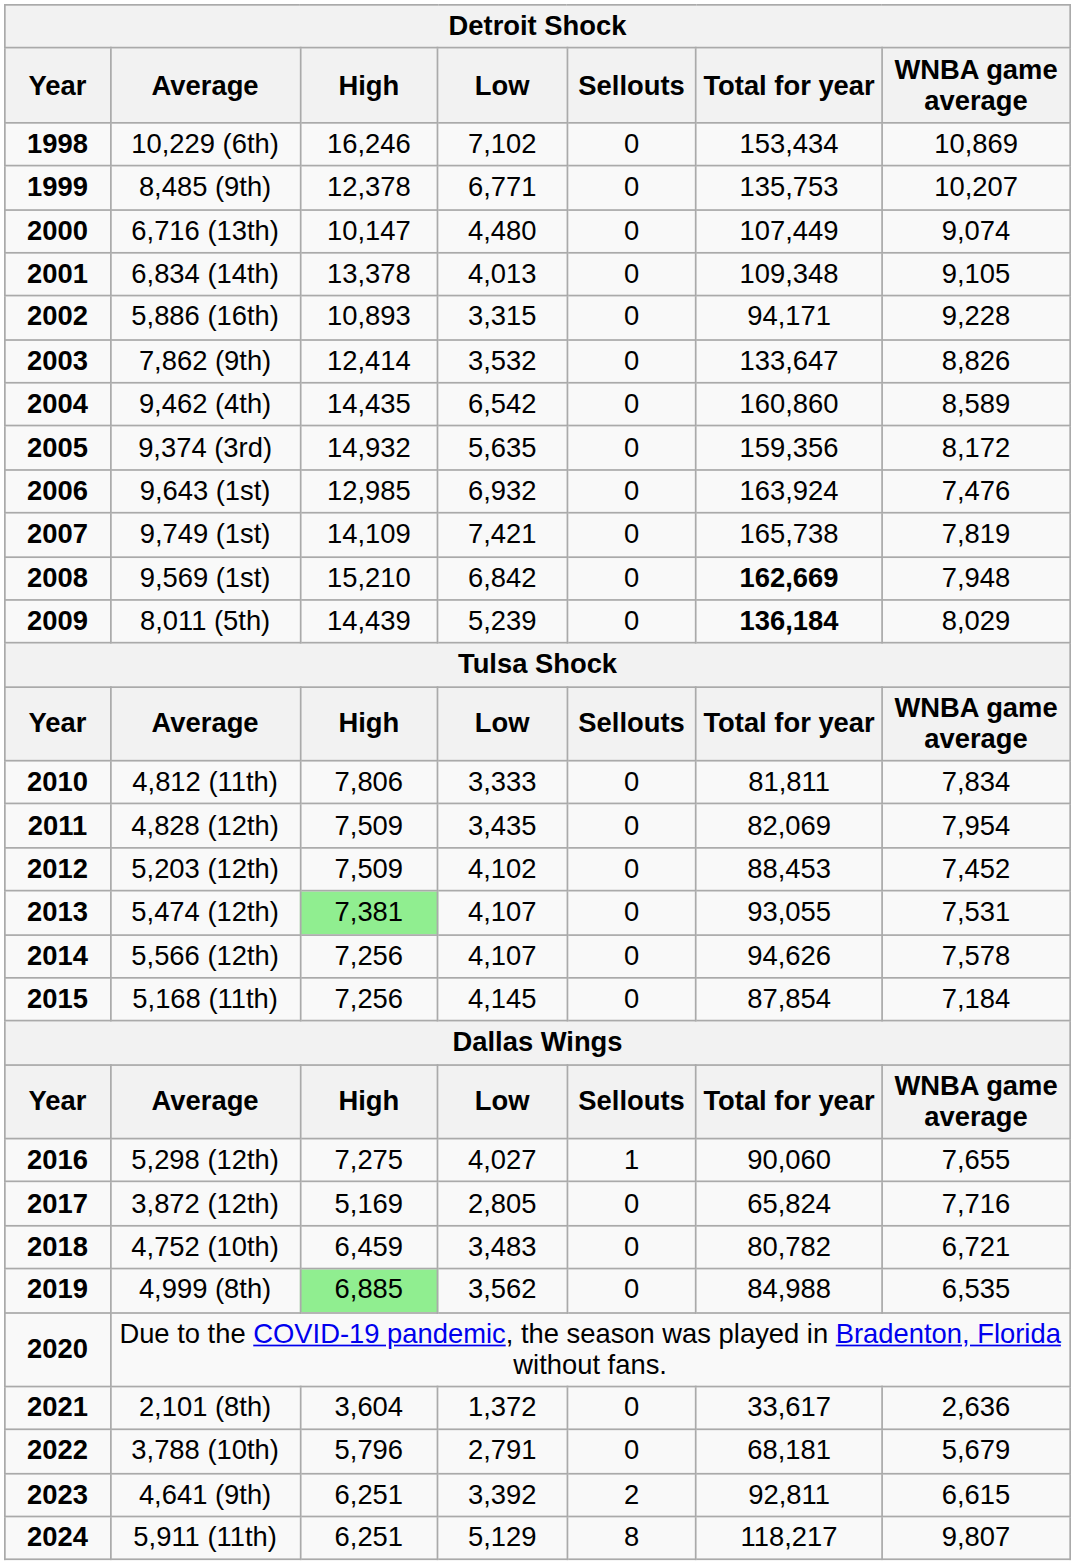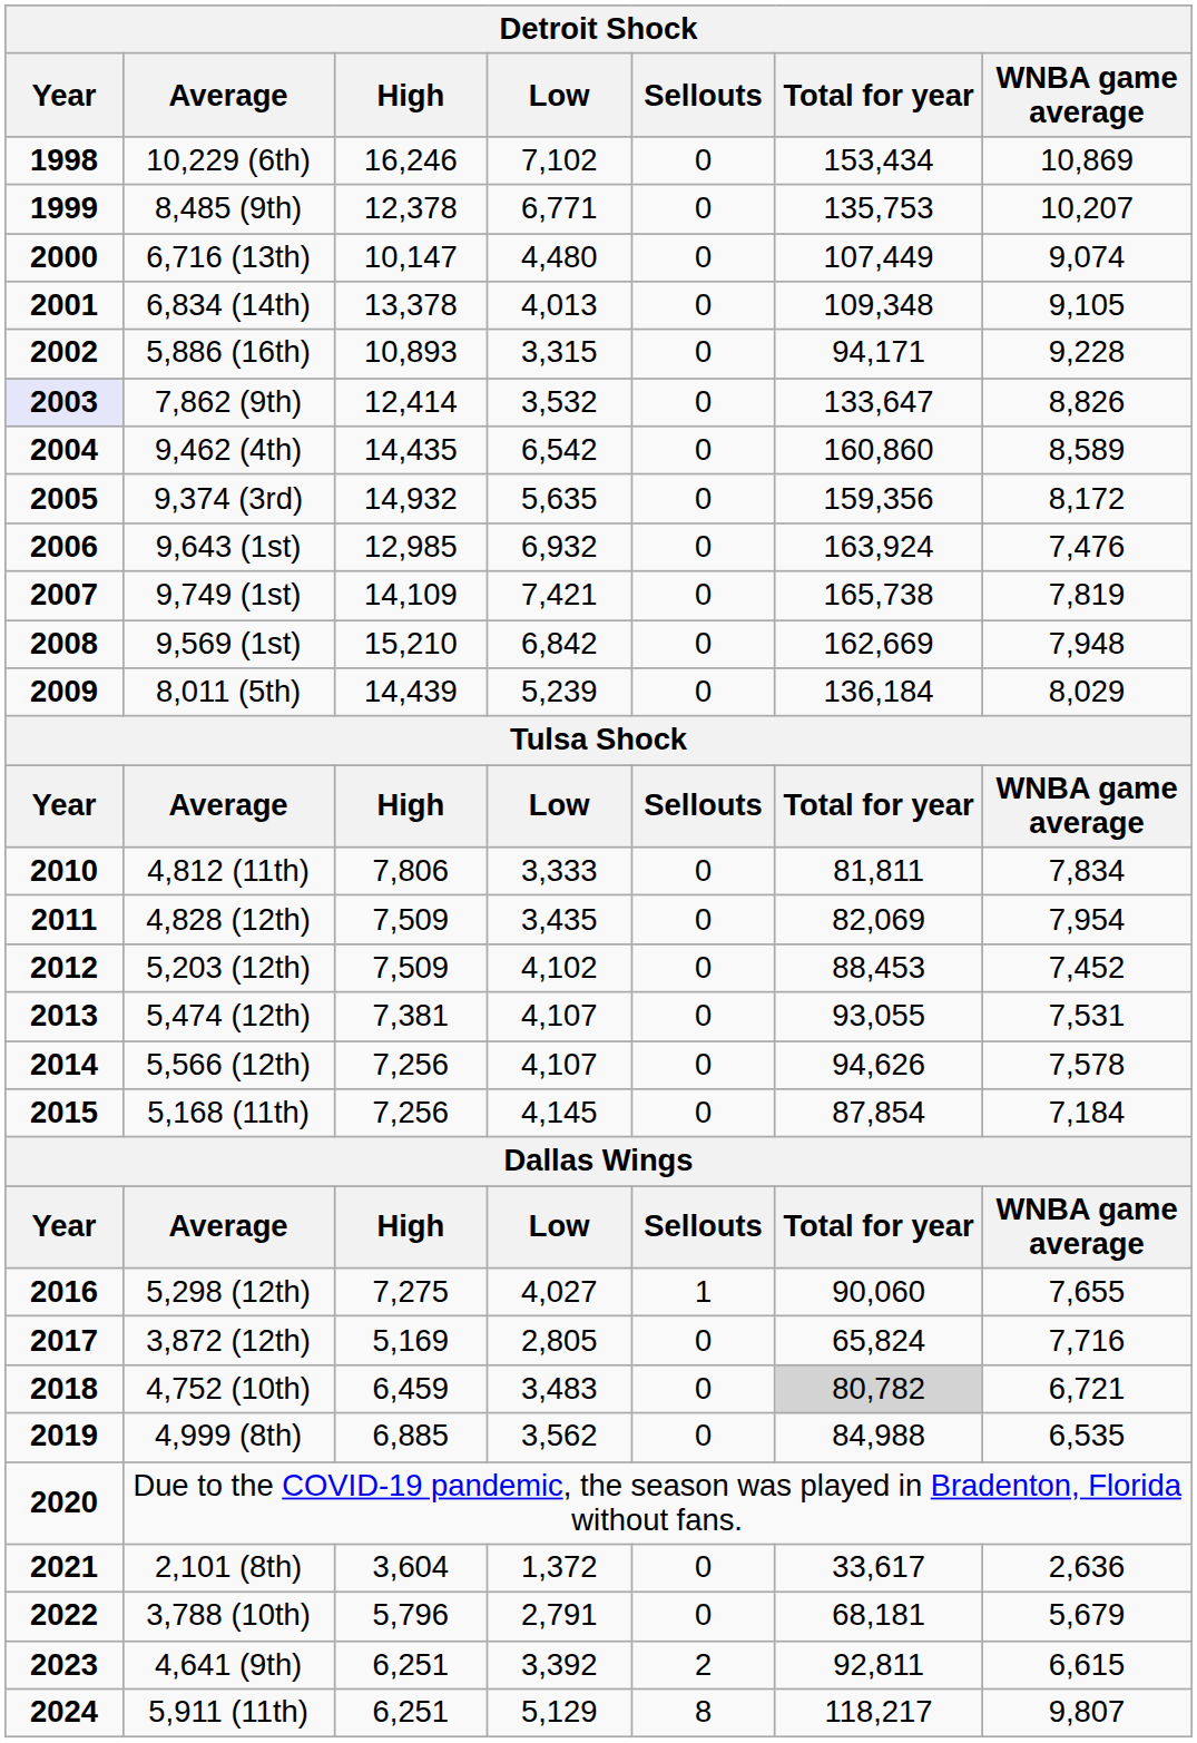 <table class="wikitable" style="text-align:center; margin:0.5em auto;">
 <tr>
 <th colspan=8>Detroit Shock</th>
 </tr>
 <tr>
 <th width=75>Year</th>
 <th width=150>Average</th>
 <th width=100>High</th>
 <th width=100>Low</th>
 <th width=75>Sellouts</th>
 <th width=150>Total for year</th>
 <th width=150>WNBA game average</th>
 </tr>
 <tr>
 <td><strong>1998</strong></td>
 <td>10,229 (6th)</td>
 <td>16,246</td>
 <td>7,102</td>
 <td>0</td>
 <td>153,434</td>
 <td>10,869</td>
 </tr>
 <tr>
 <td><strong>1999</strong></td>
 <td>8,485 (9th)</td>
 <td>12,378</td>
 <td>6,771</td>
 <td>0</td>
 <td>135,753</td>
 <td>10,207</td>
 </tr>
 <tr>
 <td><strong>2000</strong></td>
 <td>6,716 (13th)</td>
 <td>10,147</td>
 <td>4,480</td>
 <td>0</td>
 <td>107,449</td>
 <td>9,074</td>
 </tr>
 <tr>
 <td><strong>2001</strong></td>
 <td>6,834 (14th)</td>
 <td>13,378</td>
 <td>4,013</td>
 <td>0</td>
 <td>109,348</td>
 <td>9,105</td>
 </tr>
 <tr>
 <td><strong>2002</strong></td>
 <td>5,886 (16th)</td>
 <td>10,893</td>
 <td>3,315</td>
 <td>0</td>
 <td>94,171</td>
 <td>9,228</td>
 </tr>
 <tr>
-<td><strong>2003</strong></td>
+<td style="background: lavender;"><strong>2003</strong></td>
 <td>7,862 (9th)</td>
 <td>12,414</td>
 <td>3,532</td>
 <td>0</td>
 <td>133,647</td>
 <td>8,826</td>
 </tr>
 <tr>
 <td><strong>2004</strong></td>
 <td>9,462 (4th)</td>
 <td>14,435</td>
 <td>6,542</td>
 <td>0</td>
 <td>160,860</td>
 <td>8,589</td>
 </tr>
 <tr>
 <td><strong>2005</strong></td>
 <td>9,374 (3rd)</td>
 <td>14,932</td>
 <td>5,635</td>
 <td>0</td>
 <td>159,356</td>
 <td>8,172</td>
 </tr>
 <tr>
 <td><strong>2006</strong></td>
 <td>9,643 (1st)</td>
 <td>12,985</td>
 <td>6,932</td>
 <td>0</td>
 <td>163,924</td>
 <td>7,476</td>
 </tr>
 <tr>
 <td><strong>2007</strong></td>
 <td>9,749 (1st)</td>
 <td>14,109</td>
 <td>7,421</td>
 <td>0</td>
 <td>165,738</td>
 <td>7,819</td>
 </tr>
 <tr>
 <td><strong>2008</strong></td>
 <td>9,569 (1st)</td>
 <td>15,210</td>
 <td>6,842</td>
 <td>0</td>
-<td><strong>162,669</strong></td>
+<td>162,669</td>
 <td>7,948</td>
 </tr>
 <tr>
 <td><strong>2009</strong></td>
 <td>8,011 (5th)</td>
 <td>14,439</td>
 <td>5,239</td>
 <td>0</td>
-<td><strong>136,184</strong></td>
+<td>136,184</td>
 <td>8,029</td>
 </tr>
 <tr>
 <th colspan=8>Tulsa Shock</th>
 </tr>
 <tr>
 <th width=75>Year</th>
 <th width=150>Average</th>
 <th width=100>High</th>
 <th width=100>Low</th>
 <th width=75>Sellouts</th>
 <th width=150>Total for year</th>
 <th width=150>WNBA game average</th>
 </tr>
 <tr>
 <td><strong>2010</strong></td>
 <td>4,812 (11th)</td>
 <td>7,806</td>
 <td>3,333</td>
 <td>0</td>
 <td>81,811</td>
 <td>7,834</td>
 </tr>
 <tr>
 <td><strong>2011</strong></td>
 <td>4,828 (12th)</td>
 <td>7,509</td>
 <td>3,435</td>
 <td>0</td>
 <td>82,069</td>
 <td>7,954</td>
 </tr>
 <tr>
 <td><strong>2012</strong></td>
 <td>5,203 (12th)</td>
 <td>7,509</td>
 <td>4,102</td>
 <td>0</td>
 <td>88,453</td>
 <td>7,452</td>
 </tr>
 <tr>
 <td><strong>2013</strong></td>
 <td>5,474 (12th)</td>
-<td style="background: lightgreen;">7,381</td>
+<td>7,381</td>
 <td>4,107</td>
 <td>0</td>
 <td>93,055</td>
 <td>7,531</td>
 </tr>
 <tr>
 <td><strong>2014</strong></td>
 <td>5,566 (12th)</td>
 <td>7,256</td>
 <td>4,107</td>
 <td>0</td>
 <td>94,626</td>
 <td>7,578</td>
 </tr>
 <tr>
 <td><strong>2015</strong></td>
 <td>5,168 (11th)</td>
 <td>7,256</td>
 <td>4,145</td>
 <td>0</td>
 <td>87,854</td>
 <td>7,184</td>
 </tr>
 <tr>
 <th colspan=8>Dallas Wings</th>
 </tr>
 <tr>
 <th width=75>Year</th>
 <th width=150>Average</th>
 <th width=100>High</th>
 <th width=100>Low</th>
 <th width=75>Sellouts</th>
 <th width=150>Total for year</th>
 <th width=150>WNBA game average</th>
 </tr>
 <tr>
 <td><strong>2016</strong></td>
 <td>5,298 (12th)</td>
 <td>7,275</td>
 <td>4,027</td>
 <td>1</td>
 <td>90,060</td>
 <td>7,655</td>
 </tr>
 <tr>
 <td><strong>2017</strong></td>
 <td>3,872 (12th)</td>
 <td>5,169</td>
 <td>2,805</td>
 <td>0</td>
 <td>65,824</td>
 <td>7,716</td>
 </tr>
 <tr>
 <td><strong>2018</strong></td>
 <td>4,752 (10th)</td>
 <td>6,459</td>
 <td>3,483</td>
 <td>0</td>
-<td>80,782</td>
+<td style="background: lightgrey;">80,782</td>
 <td>6,721</td>
 </tr>
 <tr>
 <td><strong>2019</strong></td>
 <td>4,999 (8th)</td>
-<td style="background: lightgreen;">6,885</td>
+<td>6,885</td>
 <td>3,562</td>
 <td>0</td>
 <td>84,988</td>
 <td>6,535</td>
 </tr>
 <tr>
 <td><strong>2020</strong></td>
 <td colspan=6>Due to the <a href='#'>COVID-19 pandemic</a>, the season was played in <a href='#'>Bradenton, Florida</a> without fans.</td>
 </tr>
 <tr>
 <td><strong>2021</strong></td>
 <td>2,101 (8th)</td>
 <td>3,604</td>
 <td>1,372</td>
 <td>0</td>
 <td>33,617</td>
 <td>2,636</td>
 </tr>
 <tr>
 <td><strong>2022</strong></td>
 <td>3,788 (10th)</td>
 <td>5,796</td>
 <td>2,791</td>
 <td>0</td>
 <td>68,181</td>
 <td>5,679</td>
 </tr>
 <tr>
 <td><strong>2023</strong></td>
 <td>4,641 (9th)</td>
 <td>6,251</td>
 <td>3,392</td>
 <td>2</td>
 <td>92,811</td>
 <td>6,615</td>
 </tr>
 <tr>
 <td><strong>2024</strong></td>
 <td>5,911 (11th)</td>
 <td>6,251</td>
 <td>5,129</td>
 <td>8</td>
 <td>118,217</td>
 <td>9,807</td>
 </tr>
 </table>
